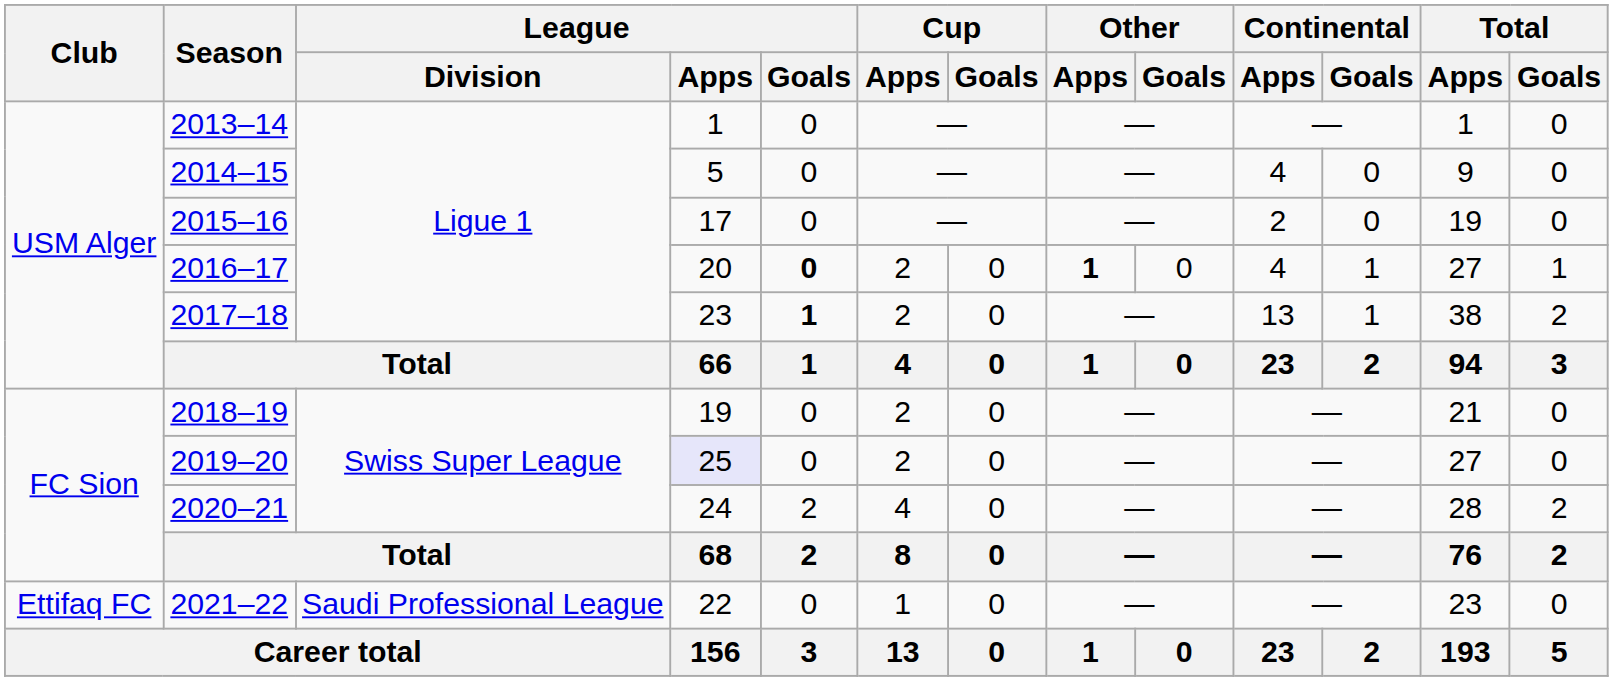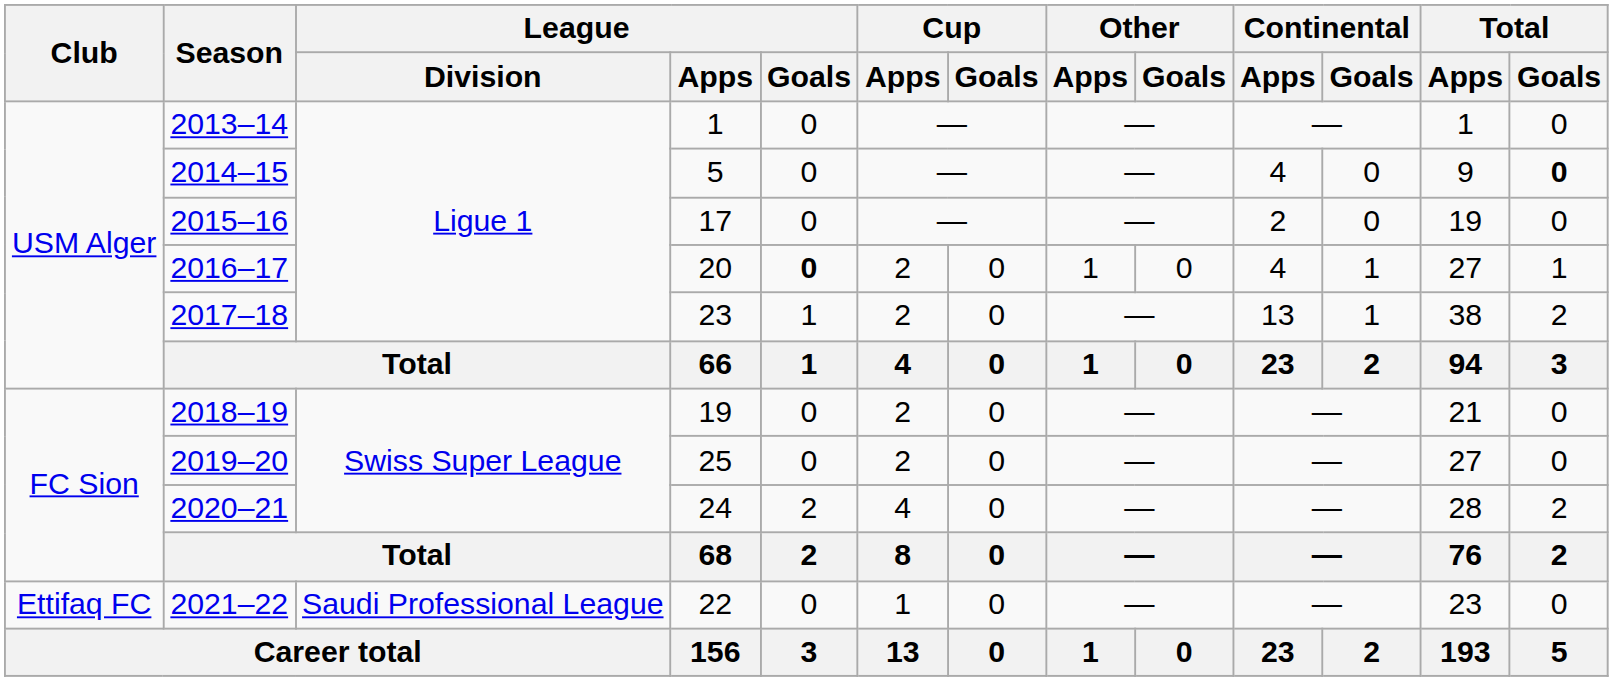 <table class="wikitable" style="text-align:center">
 <tr>
 <th rowspan="2">Club</th>
 <th rowspan="2">Season</th>
 <th colspan="3">League</th>
 <th colspan="2">Cup</th>
 <th colspan="2">Other</th>
 <th colspan="2">Continental</th>
 <th colspan="2">Total</th>
 </tr>
 <tr>
 <th>Division</th>
 <th>Apps</th>
 <th>Goals</th>
 <th>Apps</th>
 <th>Goals</th>
 <th>Apps</th>
 <th>Goals</th>
 <th>Apps</th>
 <th>Goals</th>
 <th>Apps</th>
 <th>Goals</th>
 </tr>
 <tr>
 <td rowspan="6"><a href='#'>USM Alger</a></td>
 <td><a href='#'>2013–14</a></td>
 <td rowspan="5"><a href='#'>Ligue 1</a></td>
 <td>1</td>
 <td>0</td>
 <td colspan="2">—</td>
 <td colspan="2">—</td>
 <td colspan="2">—</td>
 <td>1</td>
 <td>0</td>
 </tr>
 <tr>
 <td><a href='#'>2014–15</a></td>
 <td>5</td>
 <td>0</td>
 <td colspan="2">—</td>
 <td colspan="2">—</td>
 <td>4</td>
 <td>0</td>
 <td>9</td>
-<td>0</td>
+<td><strong>0</strong></td>
 </tr>
 <tr>
 <td><a href='#'>2015–16</a></td>
 <td>17</td>
 <td>0</td>
 <td colspan="2">—</td>
 <td colspan="2">—</td>
 <td>2</td>
 <td>0</td>
 <td>19</td>
 <td>0</td>
 </tr>
 <tr>
 <td><a href='#'>2016–17</a></td>
 <td>20</td>
 <td><strong>0</strong></td>
 <td>2</td>
 <td>0</td>
-<td><strong>1</strong></td>
+<td>1</td>
 <td>0</td>
 <td>4</td>
 <td>1</td>
 <td>27</td>
 <td>1</td>
 </tr>
 <tr>
 <td><a href='#'>2017–18</a></td>
 <td>23</td>
-<td><strong>1</strong></td>
+<td>1</td>
 <td>2</td>
 <td>0</td>
 <td colspan="2">—</td>
 <td>13</td>
 <td>1</td>
 <td>38</td>
 <td>2</td>
 </tr>
 <tr>
 <th colspan="2">Total</th>
 <th>66</th>
 <th>1</th>
 <th>4</th>
 <th>0</th>
 <th>1</th>
 <th>0</th>
 <th>23</th>
 <th>2</th>
 <th>94</th>
 <th>3</th>
 </tr>
 <tr>
 <td rowspan="4"><a href='#'>FC Sion</a></td>
 <td><a href='#'>2018–19</a></td>
 <td rowspan="3"><a href='#'>Swiss Super League</a></td>
 <td>19</td>
 <td>0</td>
 <td>2</td>
 <td>0</td>
 <td colspan="2">—</td>
 <td colspan="2">—</td>
 <td>21</td>
 <td>0</td>
 </tr>
 <tr>
 <td><a href='#'>2019–20</a></td>
-<td style="background: lavender;">25</td>
+<td>25</td>
 <td>0</td>
 <td>2</td>
 <td>0</td>
 <td colspan="2">—</td>
 <td colspan="2">—</td>
 <td>27</td>
 <td>0</td>
 </tr>
 <tr>
 <td><a href='#'>2020–21</a></td>
 <td>24</td>
 <td>2</td>
 <td>4</td>
 <td>0</td>
 <td colspan="2">—</td>
 <td colspan="2">—</td>
 <td>28</td>
 <td>2</td>
 </tr>
 <tr>
 <th colspan="2">Total</th>
 <th>68</th>
 <th>2</th>
 <th>8</th>
 <th>0</th>
 <th colspan="2">—</th>
 <th colspan="2">—</th>
 <th>76</th>
 <th>2</th>
 </tr>
 <tr>
 <td><a href='#'>Ettifaq FC</a></td>
 <td><a href='#'>2021–22</a></td>
 <td><a href='#'>Saudi Professional League</a></td>
 <td>22</td>
 <td>0</td>
 <td>1</td>
 <td>0</td>
 <td colspan="2">—</td>
 <td colspan="2">—</td>
 <td>23</td>
 <td>0</td>
 </tr>
 <tr>
 <th colspan="3">Career total</th>
 <th>156</th>
 <th>3</th>
 <th>13</th>
 <th>0</th>
 <th>1</th>
 <th>0</th>
 <th>23</th>
 <th>2</th>
 <th>193</th>
 <th>5</th>
 </tr>
 </table>
